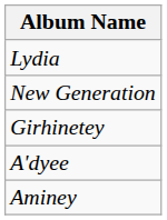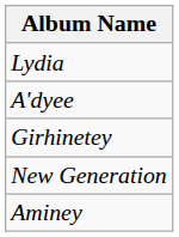 <table class="wikitable">
 <tr>
 <th>Album Name</th>
 </tr>
 <tr>
 <td><em>Lydia</em></td>
 </tr>
 <tr>
-<td><em>New Generation</em></td>
+<td><em>A'dyee</em></td>
 </tr>
 <tr>
 <td><em>Girhinetey</em></td>
 </tr>
 <tr>
-<td><em>A'dyee</em></td>
+<td><em>New Generation</em></td>
 </tr>
 <tr>
 <td><em>Aminey</em></td>
 </tr>
 </table>
